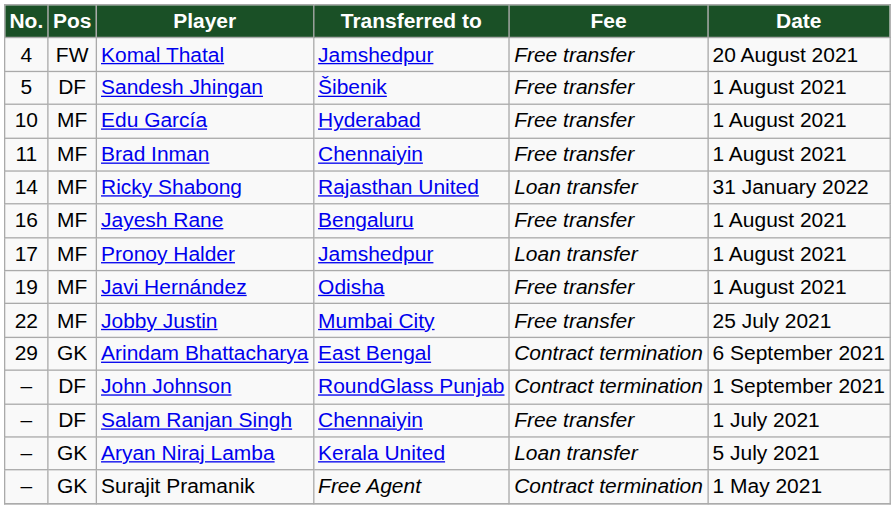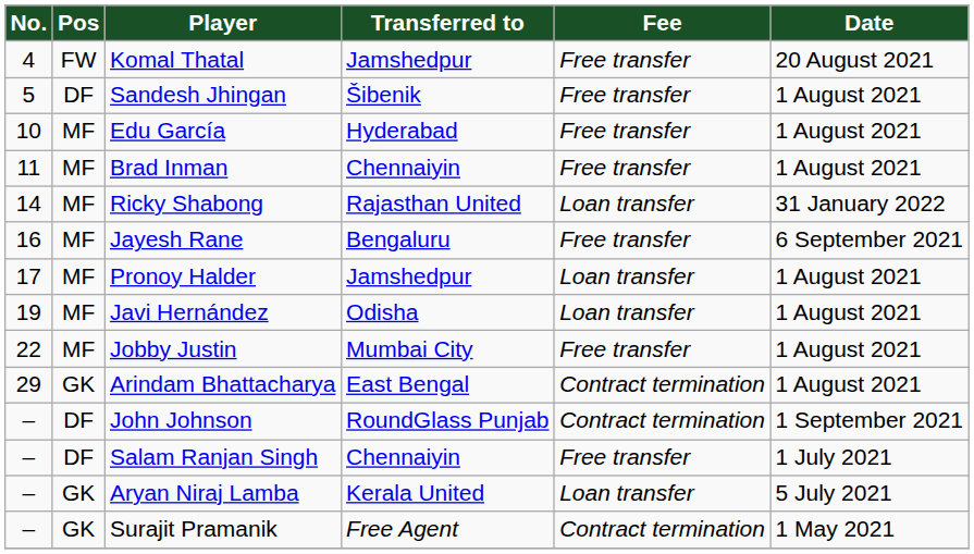 <table class="wikitable plainrowheaders sortable">
 <tr>
 <th style="background:#1A5026; color:#FFFFFF; ">No.</th>
 <th style="background:#1A5026; color:#FFFFFF; ">Pos</th>
 <th style="background:#1A5026; color:#FFFFFF; ">Player</th>
 <th style="background:#1A5026; color:#FFFFFF; ">Transferred to</th>
 <th style="background:#1A5026; color:#FFFFFF; ">Fee</th>
 <th style="background:#1A5026; color:#FFFFFF; ">Date</th>
 </tr>
 <tr>
 <td align=center>4</td>
 <td align=center>FW</td>
 <td> <a href='#'>Komal Thatal</a></td>
 <td> <a href='#'>Jamshedpur</a></td>
 <td><em>Free transfer</em></td>
 <td>20 August 2021</td>
 </tr>
 <tr>
 <td align=center>5</td>
 <td align=center>DF</td>
 <td> <a href='#'>Sandesh Jhingan</a></td>
 <td> <a href='#'>Šibenik</a></td>
 <td><em>Free transfer</em></td>
 <td>1 August 2021</td>
 </tr>
 <tr>
 <td align=center>10</td>
 <td align=center>MF</td>
 <td> <a href='#'>Edu García</a></td>
 <td> <a href='#'>Hyderabad</a></td>
 <td><em>Free transfer</em></td>
 <td>1 August 2021</td>
 </tr>
 <tr>
 <td align=center>11</td>
 <td align=center>MF</td>
 <td> <a href='#'>Brad Inman</a></td>
 <td> <a href='#'>Chennaiyin</a></td>
 <td><em>Free transfer</em></td>
 <td>1 August 2021</td>
 </tr>
 <tr>
 <td align=center>14</td>
 <td align=center>MF</td>
 <td> <a href='#'>Ricky Shabong</a></td>
 <td> <a href='#'>Rajasthan United</a></td>
 <td><em>Loan transfer</em></td>
 <td>31 January 2022</td>
 </tr>
 <tr>
 <td align=center>16</td>
 <td align=center>MF</td>
 <td> <a href='#'>Jayesh Rane</a></td>
 <td> <a href='#'>Bengaluru</a></td>
 <td><em>Free transfer</em></td>
-<td>1 August 2021</td>
+<td>6 September 2021</td>
 </tr>
 <tr>
 <td align=center>17</td>
 <td align=center>MF</td>
 <td> <a href='#'>Pronoy Halder</a></td>
 <td> <a href='#'>Jamshedpur</a></td>
 <td><em>Loan transfer</em></td>
 <td>1 August 2021</td>
 </tr>
 <tr>
 <td align=center>19</td>
 <td align=center>MF</td>
 <td> <a href='#'>Javi Hernández</a></td>
 <td> <a href='#'>Odisha</a></td>
-<td><em>Free transfer</em></td>
+<td><em>Loan transfer</em></td>
 <td>1 August 2021</td>
 </tr>
 <tr>
 <td align=center>22</td>
 <td align=center>MF</td>
 <td> <a href='#'>Jobby Justin</a></td>
 <td> <a href='#'>Mumbai City</a></td>
 <td><em>Free transfer</em></td>
-<td>25 July 2021</td>
+<td>1 August 2021</td>
 </tr>
 <tr>
 <td align=center>29</td>
 <td align=center>GK</td>
 <td> <a href='#'>Arindam Bhattacharya</a></td>
 <td> <a href='#'>East Bengal</a></td>
 <td><em>Contract termination</em></td>
-<td>6 September 2021</td>
+<td>1 August 2021</td>
 </tr>
 <tr>
 <td align=center>–</td>
 <td align=center>DF</td>
 <td> <a href='#'>John Johnson</a></td>
 <td> <a href='#'>RoundGlass Punjab</a></td>
 <td><em>Contract termination</em></td>
 <td>1 September 2021</td>
 </tr>
 <tr>
 <td align=center>–</td>
 <td align=center>DF</td>
 <td> <a href='#'>Salam Ranjan Singh</a></td>
 <td> <a href='#'>Chennaiyin</a></td>
 <td><em>Free transfer</em></td>
 <td>1 July 2021</td>
 </tr>
 <tr>
 <td align=center>–</td>
 <td align=center>GK</td>
 <td> <a href='#'>Aryan Niraj Lamba</a></td>
 <td> <a href='#'>Kerala United</a></td>
 <td><em>Loan transfer</em></td>
 <td>5 July 2021</td>
 </tr>
 <tr>
 <td align=center>–</td>
 <td align=center>GK</td>
 <td> Surajit Pramanik</td>
 <td><em>Free Agent</em></td>
 <td><em>Contract termination</em></td>
 <td>1 May 2021</td>
 </tr>
 <tr>
 </tr>
 </table>
